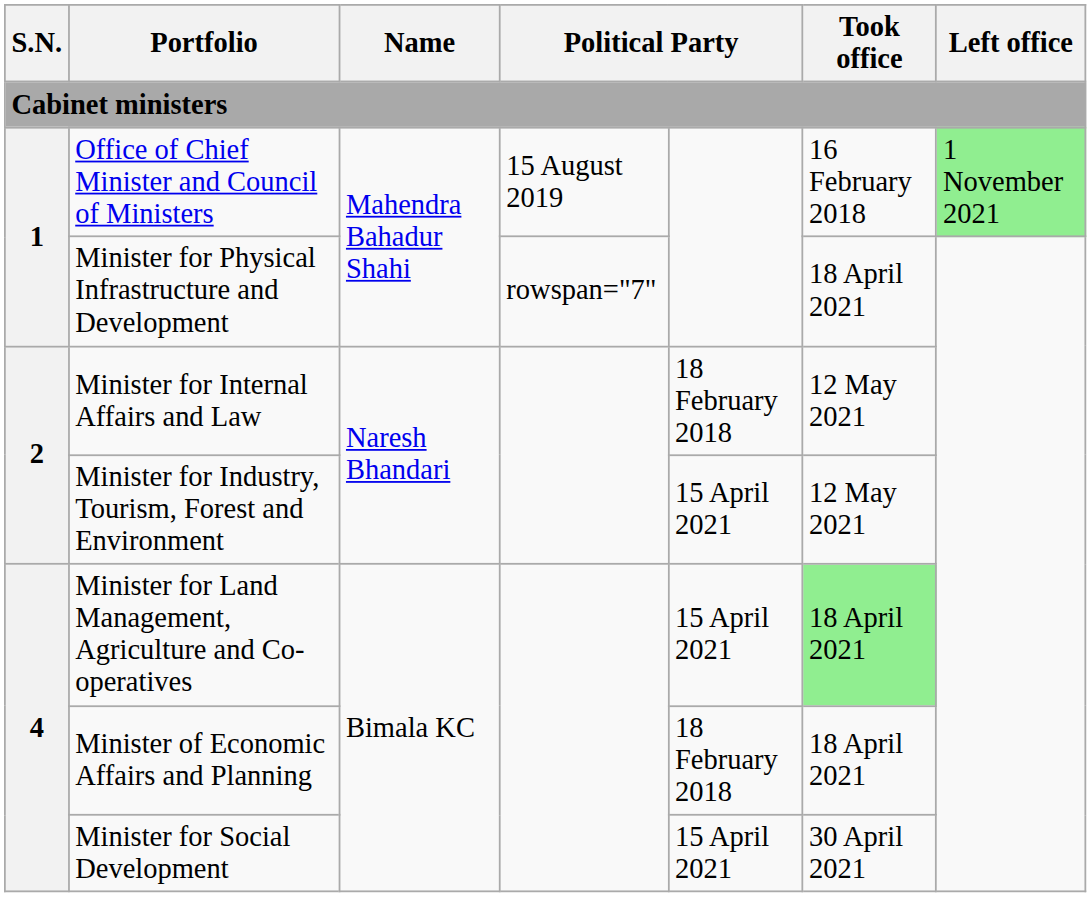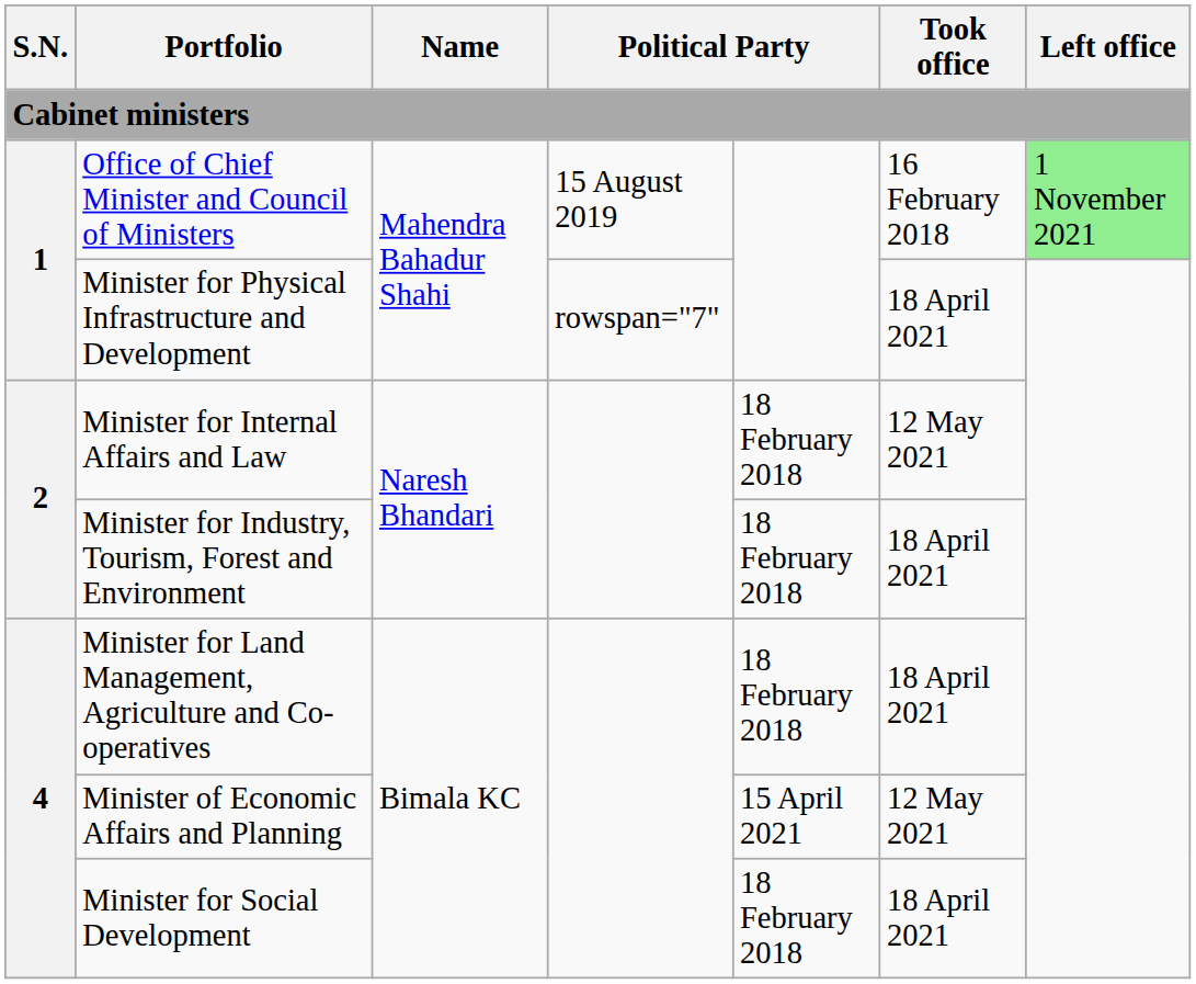 <table class="wikitable">
 <tr>
 <th>S.N.</th>
 <th>Portfolio</th>
 <th>Name<br></th>
 <th colspan="2">Political Party</th>
 <th>Took office</th>
 <th>Left office</th>
 </tr>
 <tr>
 <td colspan="7" bgcolor="darkgrey"><strong>Cabinet ministers</strong></td>
 </tr>
 <tr>
 <th rowspan="2">1</th>
 <td><a href='#'>Office of Chief Minister and Council of Ministers</a></td>
 <td rowspan="2"><a href='#'>Mahendra Bahadur Shahi</a><br></td>
 <td>15 August 2019</td>
 <td rowspan="2"></td>
 <td>16 February 2018</td>
 <td style="background: lightgreen;">1 November 2021</td>
 </tr>
 <tr>
 <td>Minister for Physical Infrastructure and Development</td>
 <td>rowspan="7" </td>
 <td>18 April 2021</td>
 </tr>
 <tr>
 <th rowspan="2">2</th>
 <td>Minister for Internal Affairs and Law</td>
 <td rowspan="2"><a href='#'>Naresh Bhandari</a><br></td>
 <td rowspan="2"></td>
 <td>18 February 2018</td>
 <td>12 May 2021</td>
 </tr>
 <tr>
 <td>Minister for Industry, Tourism, Forest and Environment</td>
-<td>15 April 2021</td>
-<td>12 May 2021</td>
+<td>18 February 2018</td>
+<td>18 April 2021</td>
 </tr>
 <tr>
 <th rowspan="3">4</th>
 <td>Minister for Land Management, Agriculture and Co-operatives</td>
 <td rowspan="3">Bimala KC<br></td>
 <td rowspan="3"></td>
-<td>15 April 2021</td>
-<td style="background: lightgreen;">18 April 2021</td>
-</tr>
-<tr>
-<td>Minister of Economic Affairs and Planning</td>
 <td>18 February 2018</td>
 <td>18 April 2021</td>
 </tr>
 <tr>
+<td>Minister of Economic Affairs and Planning</td>
+<td>15 April 2021</td>
+<td>12 May 2021</td>
+</tr>
+<tr>
 <td>Minister for Social Development</td>
-<td>15 April 2021</td>
-<td>30 April 2021</td>
+<td>18 February 2018</td>
+<td>18 April 2021</td>
 </tr>
 </table>
